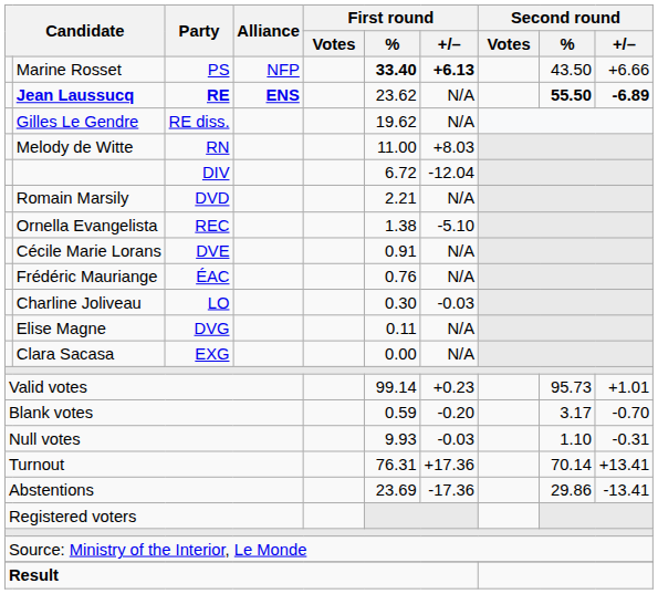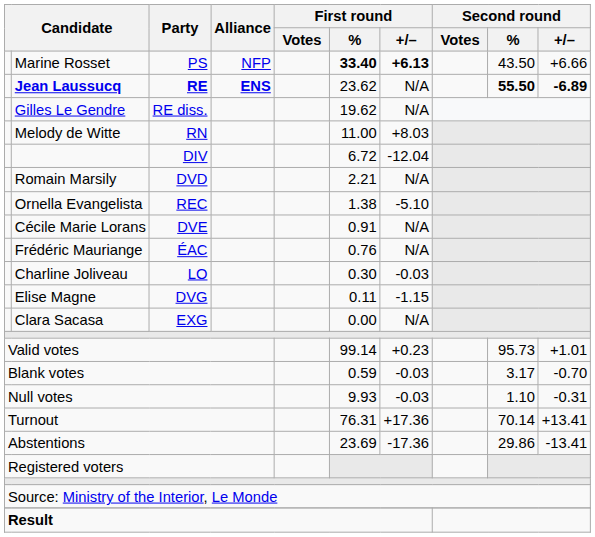 <table class="wikitable" style="text-align:right;font-size:95%;">
 <tr>
 <th rowspan="2" colspan="2">Candidate</th>
 <th rowspan="2">Party</th>
 <th rowspan="2">Alliance</th>
 <th colspan="3">First round</th>
 <th colspan="3">Second round</th>
 </tr>
 <tr>
 <th style="width:50px;">Votes</th>
 <th style="width:45px;">%</th>
 <th style="width:45px;">+/–</th>
 <th style="width:50px;">Votes</th>
 <th style="width:45px;">%</th>
 <th style="width:45px;">+/–</th>
 </tr>
 <tr>
 <td style="color:inherit;background:"></td>
 <td style="text-align:left;">Marine Rosset</td>
 <td><a href='#'>PS</a></td>
 <td><a href='#'>NFP</a></td>
 <td><strong></strong></td>
 <td><strong>33.40</strong></td>
 <td><strong>+6.13</strong></td>
 <td></td>
 <td>43.50</td>
 <td>+6.66</td>
 </tr>
 <tr>
 <td style="color:inherit;background:"></td>
 <td style="text-align:left;"><strong><a href='#'>Jean Laussucq</a></strong></td>
 <td><a href='#'><strong>RE</strong></a></td>
 <td><a href='#'><strong>ENS</strong></a></td>
 <td></td>
 <td>23.62</td>
 <td>N/A</td>
 <td><strong></strong></td>
 <td><strong>55.50</strong></td>
 <td><strong>-6.89</strong></td>
 </tr>
 <tr>
 <td style="color:inherit;background:"></td>
 <td style="text-align:left;"><a href='#'>Gilles Le Gendre</a></td>
 <td><a href='#'>RE diss.</a></td>
 <td></td>
 <td></td>
 <td>19.62</td>
 <td>N/A</td>
 <td colspan="3" style="background:#F8F9FA;"></td>
 </tr>
 <tr>
 <td style="color:inherit;background:"></td>
 <td style="text-align:left;">Melody de Witte</td>
 <td><a href='#'>RN</a></td>
 <td></td>
 <td></td>
 <td>11.00</td>
 <td>+8.03</td>
 <td colspan="3" style="background:#E9E9E9;"></td>
 </tr>
 <tr>
 <td style="color:inherit;background:"></td>
 <td style="text-align:left;"></td>
 <td><a href='#'>DIV</a></td>
 <td></td>
 <td></td>
 <td>6.72</td>
 <td>-12.04</td>
 <td colspan="3" style="background:#E9E9E9;"></td>
 </tr>
 <tr>
 <td style="color:inherit;background:"></td>
 <td style="text-align:left;">Romain Marsily</td>
 <td><a href='#'>DVD</a></td>
 <td></td>
 <td></td>
 <td>2.21</td>
 <td>N/A</td>
 <td colspan="3" style="background:#E9E9E9;"></td>
 </tr>
 <tr>
 <td style="color:inherit;background:"></td>
 <td style="text-align:left;">Ornella Evangelista</td>
 <td><a href='#'>REC</a></td>
 <td></td>
 <td></td>
 <td>1.38</td>
 <td>-5.10</td>
 <td colspan="3" style="background:#E9E9E9;"></td>
 </tr>
 <tr>
 <td style="color:inherit;background:"></td>
 <td style="text-align:left;">Cécile Marie Lorans</td>
 <td><a href='#'>DVE</a></td>
 <td></td>
 <td></td>
 <td>0.91</td>
 <td>N/A</td>
 <td colspan="3" style="background:#E9E9E9;"></td>
 </tr>
 <tr>
 <td style="color:inherit;background:"></td>
 <td style="text-align:left;">Frédéric Mauriange</td>
 <td><a href='#'>ÉAC</a></td>
 <td></td>
 <td></td>
 <td>0.76</td>
 <td>N/A</td>
 <td colspan="3" style="background:#E9E9E9;"></td>
 </tr>
 <tr>
 <td style="color:inherit;background:"></td>
 <td style="text-align:left;">Charline Joliveau</td>
 <td><a href='#'>LO</a></td>
 <td></td>
 <td></td>
 <td>0.30</td>
 <td>-0.03</td>
 <td colspan="3" style="background:#E9E9E9;"></td>
 </tr>
 <tr>
 <td style="color:inherit;background:"></td>
 <td style="text-align:left;">Elise Magne</td>
 <td><a href='#'>DVG</a></td>
 <td></td>
 <td></td>
 <td>0.11</td>
-<td>N/A</td>
+<td>-1.15</td>
 <td colspan="3" style="background:#E9E9E9;"></td>
 </tr>
 <tr>
 <td style="color:inherit;background:"></td>
 <td style="text-align:left;">Clara Sacasa</td>
 <td><a href='#'>EXG</a></td>
 <td></td>
 <td></td>
 <td>0.00</td>
 <td>N/A</td>
 <td colspan="3" style="background:#E9E9E9;"></td>
 </tr>
 <tr>
 <td colspan="10" style="background:#E9E9E9;"></td>
 </tr>
 <tr>
 <td colspan="4" style="text-align:left;">Valid votes</td>
 <td></td>
 <td>99.14</td>
 <td>+0.23</td>
 <td></td>
 <td>95.73</td>
 <td>+1.01</td>
 </tr>
 <tr>
 <td colspan="4" style="text-align:left;">Blank votes</td>
 <td></td>
 <td>0.59</td>
-<td>-0.20</td>
+<td>-0.03</td>
 <td></td>
 <td>3.17</td>
 <td>-0.70</td>
 </tr>
 <tr>
 <td colspan="4" style="text-align:left;">Null votes</td>
 <td></td>
 <td>9.93</td>
 <td>-0.03</td>
 <td></td>
 <td>1.10</td>
 <td>-0.31</td>
 </tr>
 <tr>
 <td colspan="4" style="text-align:left;">Turnout</td>
 <td></td>
 <td>76.31</td>
 <td>+17.36</td>
 <td></td>
 <td>70.14</td>
 <td>+13.41</td>
 </tr>
 <tr>
 <td colspan="4" style="text-align:left;">Abstentions</td>
 <td></td>
 <td>23.69</td>
 <td>-17.36</td>
 <td></td>
 <td>29.86</td>
 <td>-13.41</td>
 </tr>
 <tr>
 <td colspan="4" style="text-align:left;">Registered voters</td>
 <td></td>
 <td colspan="2" style="background:#E9E9E9;"></td>
 <td></td>
 <td colspan="2" style="background:#E9E9E9;"></td>
 </tr>
 <tr>
 <td colspan="10" style="background:#E9E9E9;"></td>
 </tr>
 <tr>
 <td colspan="10" style="text-align:left;">Source: <a href='#'>Ministry of the Interior</a>, <a href='#'>Le Monde</a></td>
 </tr>
 <tr>
 </tr>
 <tr style="font-weight:bold">
 <td colspan="7" style="text-align:left;">Result</td>
 <td colspan="7" style="background-color:"></td>
 </tr>
 </table>
